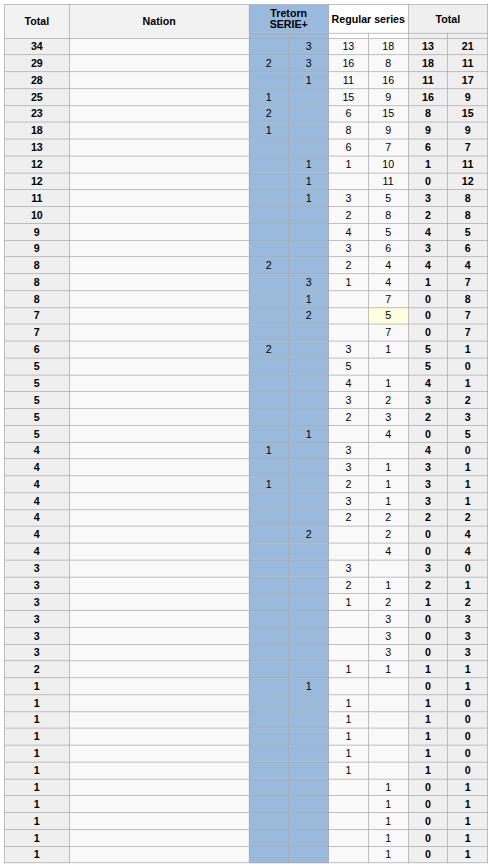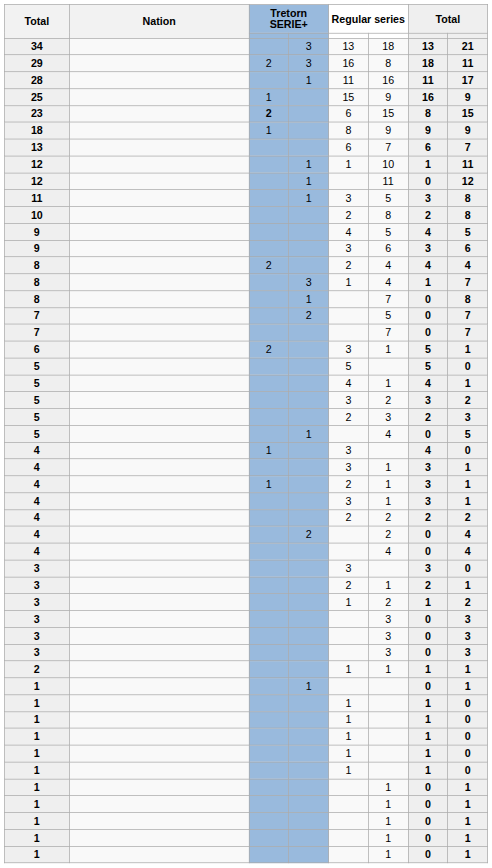 <table class="sortable wikitable" style="font-size:90%;">
 <tr>
 <th style="width:81px;" rowspan="2">Total</th>
 <th style="width:236px;" rowspan="2">Nation</th>
 <th style="background-color:#99badd;" colspan="2">Tretorn SERIE+</th>
 <th style="background-color:#ffffff;" colspan="2">Regular series</th>
 <th style="background-color:#efefef;" colspan="3">Total</th>
 </tr>
 <tr>
 <th style="width:47px; background-color:#99badd;"></th>
 <th style="width:47px; background-color:#99badd;"></th>
 <th style="width:47px; background-color:#ffffff;"></th>
 <th style="width:47px; background-color:#ffffff;"></th>
 <th style="width:47px; background-color:#efefef;"></th>
 <th style="width:47px; background-color:#efefef;"></th>
 </tr>
 <tr align=center>
 <td bgcolor=#efefef><strong>34</strong></td>
 <td align=left></td>
 <td bgcolor="#99BADD"></td>
 <td bgcolor="#99BADD">3</td>
 <td>13</td>
 <td>18</td>
 <td bgcolor=#efefef><strong>13</strong></td>
 <td bgcolor=#efefef><strong>21</strong></td>
 </tr>
 <tr align=center>
 <td bgcolor=#efefef><strong>29</strong></td>
 <td align=left></td>
 <td bgcolor="#99BADD">2</td>
 <td bgcolor="#99BADD">3</td>
 <td>16</td>
 <td>8</td>
 <td bgcolor=#efefef><strong>18</strong></td>
 <td bgcolor=#efefef><strong>11</strong></td>
 </tr>
 <tr align=center>
 <td bgcolor=#efefef><strong>28</strong></td>
 <td align=left></td>
 <td bgcolor="#99BADD"></td>
 <td bgcolor="#99BADD">1</td>
 <td>11</td>
 <td>16</td>
 <td bgcolor=#efefef><strong>11</strong></td>
 <td bgcolor=#efefef><strong>17</strong></td>
 </tr>
 <tr align=center>
 <td bgcolor=#efefef><strong>25</strong></td>
 <td align=left></td>
 <td bgcolor="#99BADD">1</td>
 <td bgcolor="#99BADD"></td>
 <td>15</td>
 <td>9</td>
 <td bgcolor=#efefef><strong>16</strong></td>
 <td bgcolor=#efefef><strong>9</strong></td>
 </tr>
 <tr align=center>
 <td bgcolor=#efefef><strong>23</strong></td>
 <td align=left></td>
-<td bgcolor="#99BADD">2</td>
+<td bgcolor="#99BADD"><strong>2</strong></td>
 <td bgcolor="#99BADD"></td>
 <td>6</td>
 <td>15</td>
 <td bgcolor=#efefef><strong>8</strong></td>
 <td bgcolor=#efefef><strong>15</strong></td>
 </tr>
 <tr align=center>
 <td bgcolor=#efefef><strong>18</strong></td>
 <td align=left></td>
 <td bgcolor="#99BADD">1</td>
 <td bgcolor="#99BADD"></td>
 <td>8</td>
 <td>9</td>
 <td bgcolor=#efefef><strong>9</strong></td>
 <td bgcolor=#efefef><strong>9</strong></td>
 </tr>
 <tr align=center>
 <td bgcolor=#efefef><strong>13</strong></td>
 <td align=left></td>
 <td bgcolor="#99BADD"></td>
 <td bgcolor="#99BADD"></td>
 <td>6</td>
 <td>7</td>
 <td bgcolor=#efefef><strong>6</strong></td>
 <td bgcolor=#efefef><strong>7</strong></td>
 </tr>
 <tr align=center>
 <td bgcolor=#efefef><strong>12</strong></td>
 <td align=left></td>
 <td bgcolor="#99BADD"></td>
 <td bgcolor="#99BADD">1</td>
 <td>1</td>
 <td>10</td>
 <td bgcolor=#efefef><strong>1</strong></td>
 <td bgcolor=#efefef><strong>11</strong></td>
 </tr>
 <tr align=center>
 <td bgcolor=#efefef><strong>12</strong></td>
 <td align=left></td>
 <td bgcolor="#99BADD"></td>
 <td bgcolor="#99BADD">1</td>
 <td></td>
 <td>11</td>
 <td bgcolor=#efefef><strong>0</strong></td>
 <td bgcolor=#efefef><strong>12</strong></td>
 </tr>
 <tr align=center>
 <td bgcolor=#efefef><strong>11</strong></td>
 <td align=left></td>
 <td bgcolor="#99BADD"></td>
 <td bgcolor="#99BADD">1</td>
 <td>3</td>
 <td>5</td>
 <td bgcolor=#efefef><strong>3</strong></td>
 <td bgcolor=#efefef><strong>8</strong></td>
 </tr>
 <tr align=center>
 <td bgcolor=#efefef><strong>10</strong></td>
 <td align=left></td>
 <td bgcolor="#99BADD"></td>
 <td bgcolor="#99BADD"></td>
 <td>2</td>
 <td>8</td>
 <td bgcolor=#efefef><strong>2</strong></td>
 <td bgcolor=#efefef><strong>8</strong></td>
 </tr>
 <tr align=center>
 <td bgcolor=#efefef><strong>9</strong></td>
 <td align=left></td>
 <td bgcolor="#99BADD"></td>
 <td bgcolor="#99BADD"></td>
 <td>4</td>
 <td>5</td>
 <td bgcolor=#efefef><strong>4</strong></td>
 <td bgcolor=#efefef><strong>5</strong></td>
 </tr>
 <tr align=center>
 <td bgcolor=#efefef><strong>9</strong></td>
 <td align=left></td>
 <td bgcolor="#99BADD"></td>
 <td bgcolor="#99BADD"></td>
 <td>3</td>
 <td>6</td>
 <td bgcolor=#efefef><strong>3</strong></td>
 <td bgcolor=#efefef><strong>6</strong></td>
 </tr>
 <tr align=center>
 <td bgcolor=#efefef><strong>8</strong></td>
 <td align=left></td>
 <td bgcolor="#99BADD">2</td>
 <td bgcolor="#99BADD"></td>
 <td>2</td>
 <td>4</td>
 <td bgcolor=#efefef><strong>4</strong></td>
 <td bgcolor=#efefef><strong>4</strong></td>
 </tr>
 <tr align=center>
 <td bgcolor=#efefef><strong>8</strong></td>
 <td align=left></td>
 <td bgcolor="#99BADD"></td>
 <td bgcolor="#99BADD">3</td>
 <td>1</td>
 <td>4</td>
 <td bgcolor=#efefef><strong>1</strong></td>
 <td bgcolor=#efefef><strong>7</strong></td>
 </tr>
 <tr align=center>
 <td bgcolor=#efefef><strong>8</strong></td>
 <td align=left></td>
 <td bgcolor="#99BADD"></td>
 <td bgcolor="#99BADD">1</td>
 <td></td>
 <td>7</td>
 <td bgcolor=#efefef><strong>0</strong></td>
 <td bgcolor=#efefef><strong>8</strong></td>
 </tr>
 <tr align=center>
 <td bgcolor=#efefef><strong>7</strong></td>
 <td align=left></td>
 <td bgcolor="#99BADD"></td>
 <td bgcolor="#99BADD">2</td>
 <td></td>
-<td style="background: lightyellow;">5</td>
+<td>5</td>
 <td bgcolor=#efefef><strong>0</strong></td>
 <td bgcolor=#efefef><strong>7</strong></td>
 </tr>
 <tr align=center>
 <td bgcolor=#efefef><strong>7</strong></td>
 <td align=left></td>
 <td bgcolor="#99BADD"></td>
 <td bgcolor="#99BADD"></td>
 <td></td>
 <td>7</td>
 <td bgcolor=#efefef><strong>0</strong></td>
 <td bgcolor=#efefef><strong>7</strong></td>
 </tr>
 <tr align=center>
 <td bgcolor=#efefef><strong>6</strong></td>
 <td align=left></td>
 <td bgcolor="#99BADD">2</td>
 <td bgcolor="#99BADD"></td>
 <td>3</td>
 <td>1</td>
 <td bgcolor=#efefef><strong>5</strong></td>
 <td bgcolor=#efefef><strong>1</strong></td>
 </tr>
 <tr align=center>
 <td bgcolor=#efefef><strong>5</strong></td>
 <td align=left></td>
 <td bgcolor="#99BADD"></td>
 <td bgcolor="#99BADD"></td>
 <td>5</td>
 <td></td>
 <td bgcolor=#efefef><strong>5</strong></td>
 <td bgcolor=#efefef><strong>0</strong></td>
 </tr>
 <tr align=center>
 <td bgcolor=#efefef><strong>5</strong></td>
 <td align=left></td>
 <td bgcolor="#99BADD"></td>
 <td bgcolor="#99BADD"></td>
 <td>4</td>
 <td>1</td>
 <td bgcolor=#efefef><strong>4</strong></td>
 <td bgcolor=#efefef><strong>1</strong></td>
 </tr>
 <tr align=center>
 <td bgcolor=#efefef><strong>5</strong></td>
 <td align=left></td>
 <td bgcolor="#99BADD"></td>
 <td bgcolor="#99BADD"></td>
 <td>3</td>
 <td>2</td>
 <td bgcolor=#efefef><strong>3</strong></td>
 <td bgcolor=#efefef><strong>2</strong></td>
 </tr>
 <tr align=center>
 <td bgcolor=#efefef><strong>5</strong></td>
 <td align=left></td>
 <td bgcolor="#99BADD"></td>
 <td bgcolor="#99BADD"></td>
 <td>2</td>
 <td>3</td>
 <td bgcolor=#efefef><strong>2</strong></td>
 <td bgcolor=#efefef><strong>3</strong></td>
 </tr>
 <tr align=center>
 <td bgcolor=#efefef><strong>5</strong></td>
 <td align=left></td>
 <td bgcolor="#99BADD"></td>
 <td bgcolor="#99BADD">1</td>
 <td></td>
 <td>4</td>
 <td bgcolor=#efefef><strong>0</strong></td>
 <td bgcolor=#efefef><strong>5</strong></td>
 </tr>
 <tr align=center>
 <td bgcolor=#efefef><strong>4</strong></td>
 <td align=left></td>
 <td bgcolor="#99BADD">1</td>
 <td bgcolor="#99BADD"></td>
 <td>3</td>
 <td></td>
 <td bgcolor=#efefef><strong>4</strong></td>
 <td bgcolor=#efefef><strong>0</strong></td>
 </tr>
 <tr align=center>
 <td bgcolor=#efefef><strong>4</strong></td>
 <td align=left></td>
 <td bgcolor="#99BADD"></td>
 <td bgcolor="#99BADD"></td>
 <td>3</td>
 <td>1</td>
 <td bgcolor=#efefef><strong>3</strong></td>
 <td bgcolor=#efefef><strong>1</strong></td>
 </tr>
 <tr align=center>
 <td bgcolor=#efefef><strong>4</strong></td>
 <td align=left></td>
 <td bgcolor="#99BADD">1</td>
 <td bgcolor="#99BADD"></td>
 <td>2</td>
 <td>1</td>
 <td bgcolor=#efefef><strong>3</strong></td>
 <td bgcolor=#efefef><strong>1</strong></td>
 </tr>
 <tr align=center>
 <td bgcolor=#efefef><strong>4</strong></td>
 <td align=left></td>
 <td bgcolor="#99BADD"></td>
 <td bgcolor="#99BADD"></td>
 <td>3</td>
 <td>1</td>
 <td bgcolor=#efefef><strong>3</strong></td>
 <td bgcolor=#efefef><strong>1</strong></td>
 </tr>
 <tr align=center>
 <td bgcolor=#efefef><strong>4</strong></td>
 <td align=left></td>
 <td bgcolor="#99BADD"></td>
 <td bgcolor="#99BADD"></td>
 <td>2</td>
 <td>2</td>
 <td bgcolor=#efefef><strong>2</strong></td>
 <td bgcolor=#efefef><strong>2</strong></td>
 </tr>
 <tr align=center>
 <td bgcolor=#efefef><strong>4</strong></td>
 <td align=left></td>
 <td bgcolor="#99BADD"></td>
 <td bgcolor="#99BADD">2</td>
 <td></td>
 <td>2</td>
 <td bgcolor=#efefef><strong>0</strong></td>
 <td bgcolor=#efefef><strong>4</strong></td>
 </tr>
 <tr align=center>
 <td bgcolor=#efefef><strong>4</strong></td>
 <td align=left></td>
 <td bgcolor="#99BADD"></td>
 <td bgcolor="#99BADD"></td>
 <td></td>
 <td>4</td>
 <td bgcolor=#efefef><strong>0</strong></td>
 <td bgcolor=#efefef><strong>4</strong></td>
 </tr>
 <tr align=center>
 <td bgcolor=#efefef><strong>3</strong></td>
 <td align=left></td>
 <td bgcolor="#99BADD"></td>
 <td bgcolor="#99BADD"></td>
 <td>3</td>
 <td></td>
 <td bgcolor=#efefef><strong>3</strong></td>
 <td bgcolor=#efefef><strong>0</strong></td>
 </tr>
 <tr align=center>
 <td bgcolor=#efefef><strong>3</strong></td>
 <td align=left></td>
 <td bgcolor="#99BADD"></td>
 <td bgcolor="#99BADD"></td>
 <td>2</td>
 <td>1</td>
 <td bgcolor=#efefef><strong>2</strong></td>
 <td bgcolor=#efefef><strong>1</strong></td>
 </tr>
 <tr align=center>
 <td bgcolor=#efefef><strong>3</strong></td>
 <td align=left></td>
 <td bgcolor="#99BADD"></td>
 <td bgcolor="#99BADD"></td>
 <td>1</td>
 <td>2</td>
 <td bgcolor=#efefef><strong>1</strong></td>
 <td bgcolor=#efefef><strong>2</strong></td>
 </tr>
 <tr align=center>
 <td bgcolor=#efefef><strong>3</strong></td>
 <td align=left></td>
 <td bgcolor="#99BADD"></td>
 <td bgcolor="#99BADD"></td>
 <td></td>
 <td>3</td>
 <td bgcolor=#efefef><strong>0</strong></td>
 <td bgcolor=#efefef><strong>3</strong></td>
 </tr>
 <tr align=center>
 <td bgcolor=#efefef><strong>3</strong></td>
 <td align=left></td>
 <td bgcolor="#99BADD"></td>
 <td bgcolor="#99BADD"></td>
 <td></td>
 <td>3</td>
 <td bgcolor=#efefef><strong>0</strong></td>
 <td bgcolor=#efefef><strong>3</strong></td>
 </tr>
 <tr align=center>
 <td bgcolor=#efefef><strong>3</strong></td>
 <td align=left></td>
 <td bgcolor="#99BADD"></td>
 <td bgcolor="#99BADD"></td>
 <td></td>
 <td>3</td>
 <td bgcolor=#efefef><strong>0</strong></td>
 <td bgcolor=#efefef><strong>3</strong></td>
 </tr>
 <tr align=center>
 <td bgcolor=#efefef><strong>2</strong></td>
 <td align=left></td>
 <td bgcolor="#99BADD"></td>
 <td bgcolor="#99BADD"></td>
 <td>1</td>
 <td>1</td>
 <td bgcolor=#efefef><strong>1</strong></td>
 <td bgcolor=#efefef><strong>1</strong></td>
 </tr>
 <tr align=center>
 <td bgcolor=#efefef><strong>1</strong></td>
 <td align=left></td>
 <td bgcolor="#99BADD"></td>
 <td bgcolor="#99BADD">1</td>
 <td></td>
 <td></td>
 <td bgcolor=#efefef><strong>0</strong></td>
 <td bgcolor=#efefef><strong>1</strong></td>
 </tr>
 <tr align=center>
 <td bgcolor=#efefef><strong>1</strong></td>
 <td align=left></td>
 <td bgcolor="#99BADD"></td>
 <td bgcolor="#99BADD"></td>
 <td>1</td>
 <td></td>
 <td bgcolor=#efefef><strong>1</strong></td>
 <td bgcolor=#efefef><strong>0</strong></td>
 </tr>
 <tr align=center>
 <td bgcolor=#efefef><strong>1</strong></td>
 <td align=left></td>
 <td bgcolor="#99BADD"></td>
 <td bgcolor="#99BADD"></td>
 <td>1</td>
 <td></td>
 <td bgcolor=#efefef><strong>1</strong></td>
 <td bgcolor=#efefef><strong>0</strong></td>
 </tr>
 <tr align=center>
 <td bgcolor=#efefef><strong>1</strong></td>
 <td align=left></td>
 <td bgcolor="#99BADD"></td>
 <td bgcolor="#99BADD"></td>
 <td>1</td>
 <td></td>
 <td bgcolor=#efefef><strong>1</strong></td>
 <td bgcolor=#efefef><strong>0</strong></td>
 </tr>
 <tr align=center>
 <td bgcolor=#efefef><strong>1</strong></td>
 <td align=left></td>
 <td bgcolor="#99BADD"></td>
 <td bgcolor="#99BADD"></td>
 <td>1</td>
 <td></td>
 <td bgcolor=#efefef><strong>1</strong></td>
 <td bgcolor=#efefef><strong>0</strong></td>
 </tr>
 <tr align=center>
 <td bgcolor=#efefef><strong>1</strong></td>
 <td align=left></td>
 <td bgcolor="#99BADD"></td>
 <td bgcolor="#99BADD"></td>
 <td>1</td>
 <td></td>
 <td bgcolor=#efefef><strong>1</strong></td>
 <td bgcolor=#efefef><strong>0</strong></td>
 </tr>
 <tr align=center>
 <td bgcolor=#efefef><strong>1</strong></td>
 <td align=left></td>
 <td bgcolor="#99BADD"></td>
 <td bgcolor="#99BADD"></td>
 <td></td>
 <td>1</td>
 <td bgcolor=#efefef><strong>0</strong></td>
 <td bgcolor=#efefef><strong>1</strong></td>
 </tr>
 <tr align=center>
 <td bgcolor=#efefef><strong>1</strong></td>
 <td align=left></td>
 <td bgcolor="#99BADD"></td>
 <td bgcolor="#99BADD"></td>
 <td></td>
 <td>1</td>
 <td bgcolor=#efefef><strong>0</strong></td>
 <td bgcolor=#efefef><strong>1</strong></td>
 </tr>
 <tr align=center>
 <td bgcolor=#efefef><strong>1</strong></td>
 <td align=left></td>
 <td bgcolor="#99BADD"></td>
 <td bgcolor="#99BADD"></td>
 <td></td>
 <td>1</td>
 <td bgcolor=#efefef><strong>0</strong></td>
 <td bgcolor=#efefef><strong>1</strong></td>
 </tr>
 <tr align=center>
 <td bgcolor=#efefef><strong>1</strong></td>
 <td align=left></td>
 <td bgcolor="#99BADD"></td>
 <td bgcolor="#99BADD"></td>
 <td></td>
 <td>1</td>
 <td bgcolor=#efefef><strong>0</strong></td>
 <td bgcolor=#efefef><strong>1</strong></td>
 </tr>
 <tr align=center>
 <td bgcolor=#efefef><strong>1</strong></td>
 <td align=left></td>
 <td bgcolor="#99BADD"></td>
 <td bgcolor="#99BADD"></td>
 <td></td>
 <td>1</td>
 <td bgcolor=#efefef><strong>0</strong></td>
 <td bgcolor=#efefef><strong>1</strong></td>
 </tr>
 </table>
